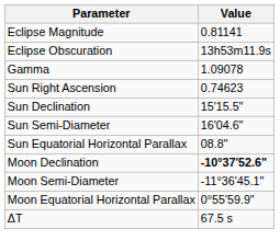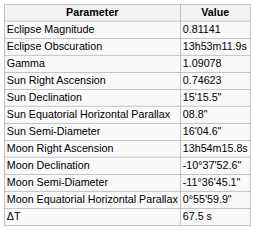 <table class="wikitable">
 <tr>
 <th>Parameter</th>
 <th>Value</th>
 </tr>
 <tr>
 <td>Eclipse Magnitude</td>
 <td>0.81141</td>
 </tr>
 <tr>
 <td>Eclipse Obscuration</td>
 <td>13h53m11.9s</td>
 </tr>
 <tr>
 <td>Gamma</td>
 <td>1.09078</td>
 </tr>
 <tr>
 <td>Sun Right Ascension</td>
 <td>0.74623</td>
 </tr>
 <tr>
 <td>Sun Declination</td>
 <td>15'15.5"</td>
 </tr>
 <tr>
+<td>Sun Equatorial Horizontal Parallax</td>
+<td>08.8"</td>
+</tr>
+<tr>
 <td>Sun Semi-Diameter</td>
 <td>16'04.6"</td>
 </tr>
 <tr>
-<td>Sun Equatorial Horizontal Parallax</td>
-<td>08.8"</td>
+<td>Moon Right Ascension</td>
+<td>13h54m15.8s</td>
 </tr>
 <tr>
 <td>Moon Declination</td>
-<td><strong>-10°37'52.6"</strong></td>
+<td>-10°37'52.6"</td>
 </tr>
 <tr>
 <td>Moon Semi-Diameter</td>
 <td>-11°36'45.1"</td>
 </tr>
 <tr>
 <td>Moon Equatorial Horizontal Parallax</td>
 <td>0°55'59.9"</td>
 </tr>
 <tr>
 <td>ΔT</td>
 <td>67.5 s</td>
 </tr>
 </table>
